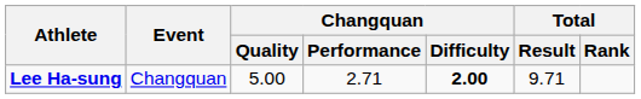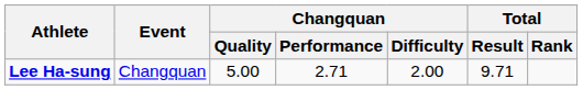 <table class=wikitable style="font-size:90%">
 <tr>
 <th rowspan="2">Athlete</th>
 <th rowspan="2">Event</th>
 <th colspan="3">Changquan</th>
 <th colspan="2">Total</th>
 </tr>
 <tr>
 <th>Quality</th>
 <th>Performance</th>
 <th>Difficulty</th>
 <th>Result</th>
 <th>Rank</th>
 </tr>
 <tr>
 <td><strong><a href='#'>Lee Ha-sung</a></strong></td>
 <td><a href='#'>Changquan</a></td>
 <td align=center>5.00</td>
 <td align=center>2.71</td>
-<td align=center><strong>2.00</strong></td>
+<td align=center>2.00</td>
 <td align=center>9.71</td>
 <td align=center></td>
 </tr>
 </table>
